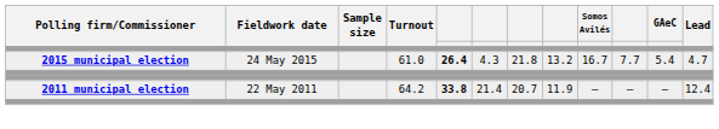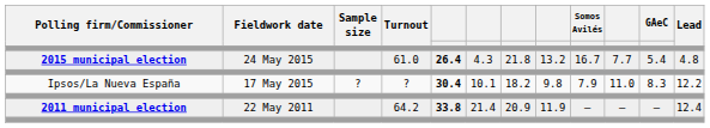 <table class="wikitable collapsible collapsed" style="text-align:center; font-size:95%; line-height:16px;">
 <tr style="height:42px;">
 <th style="width:250px;" rowspan="2">Polling firm/Commissioner</th>
 <th style="width:125px;" rowspan="2">Fieldwork date</th>
 <th style="width:50px;" rowspan="2">Sample size</th>
 <th style="width:45px;" rowspan="2">Turnout</th>
 <th style="width:35px;"></th>
 <th style="width:35px;"></th>
 <th style="width:35px;"></th>
 <th style="width:35px;"></th>
 <th style="width:35px; font-size:80%;">Somos<br>Avilés</th>
 <th style="width:35px;"></th>
 <th style="width:35px; font-size:90%;">GAeC</th>
 <th style="width:30px;" rowspan="2">Lead</th>
 </tr>
 <tr>
 <th style="color:inherit;background:"></th>
 <th style="color:inherit;background:"></th>
 <th style="color:inherit;background:"></th>
 <th style="color:inherit;background:"></th>
 <th style="color:inherit;background:"></th>
 <th style="color:inherit;background:"></th>
 <th style="color:inherit;background:"></th>
 </tr>
 <tr>
 <td colspan="12" style="background:#A0A0A0"></td>
 </tr>
 <tr style="background:#EFEFEF;">
 <td><strong><a href='#'>2015 municipal election</a></strong></td>
 <td>24 May 2015</td>
 <td></td>
 <td>61.0</td>
 <td><strong>26.4</strong><br></td>
 <td>4.3<br></td>
 <td>21.8<br></td>
 <td>13.2<br></td>
 <td>16.7<br></td>
 <td>7.7<br></td>
 <td>5.4<br></td>
-<td style="background:">4.7</td>
+<td style="background:">4.8</td>
 </tr>
 <tr>
 <td colspan="12" style="background:#A0A0A0"></td>
+</tr>
+<tr>
+<td>Ipsos/La Nueva España</td>
+<td>17 May 2015</td>
+<td>?</td>
+<td>?</td>
+<td><strong>30.4</strong><br></td>
+<td>10.1<br></td>
+<td>18.2<br></td>
+<td>9.8<br></td>
+<td>7.9<br></td>
+<td>11.0<br></td>
+<td>8.3<br></td>
+<td style="background:">12.2</td>
 </tr>
 <tr>
 <td colspan="12" style="background:#A0A0A0"></td>
 </tr>
 <tr style="background:#EFEFEF;">
 <td><strong><a href='#'>2011 municipal election</a></strong></td>
 <td>22 May 2011</td>
 <td></td>
 <td>64.2</td>
 <td><strong>33.8</strong><br></td>
 <td>21.4<br></td>
-<td>20.7<br></td>
+<td>20.9<br></td>
 <td>11.9<br></td>
 <td>–</td>
 <td>–</td>
 <td>–</td>
 <td style="background:">12.4</td>
 </tr>
 <tr>
 <td colspan="12" style="background:#A0A0A0"></td>
 </tr>
 </table>
